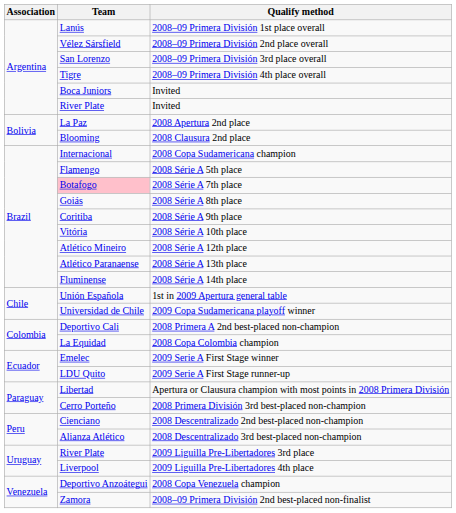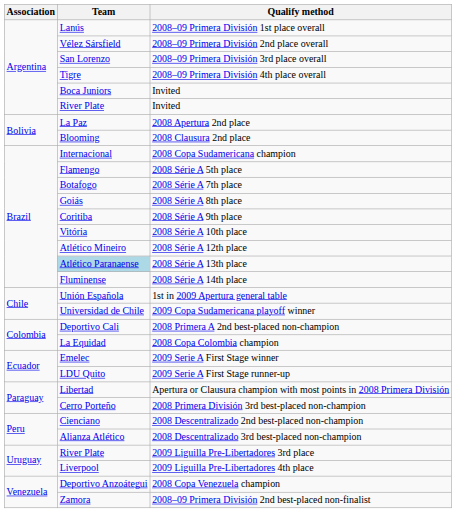 <table class="wikitable">
 <tr>
 <th>Association</th>
 <th>Team</th>
 <th>Qualify method</th>
 </tr>
 <tr>
 <td rowspan="6"> <a href='#'>Argentina</a><br></td>
 <td><a href='#'>Lanús</a></td>
 <td><a href='#'>2008–09 Primera División</a> 1st place overall</td>
 </tr>
 <tr>
 <td><a href='#'>Vélez Sársfield</a></td>
 <td><a href='#'>2008–09 Primera División</a> 2nd place overall</td>
 </tr>
 <tr>
 <td><a href='#'>San Lorenzo</a></td>
 <td><a href='#'>2008–09 Primera División</a> 3rd place overall</td>
 </tr>
 <tr>
 <td><a href='#'>Tigre</a></td>
 <td><a href='#'>2008–09 Primera División</a> 4th place overall</td>
 </tr>
 <tr>
 <td><a href='#'>Boca Juniors</a></td>
 <td>Invited</td>
 </tr>
 <tr>
 <td><a href='#'>River Plate</a></td>
 <td>Invited</td>
 </tr>
 <tr>
 <td rowspan="2"> <a href='#'>Bolivia</a><br></td>
 <td><a href='#'>La Paz</a></td>
 <td><a href='#'>2008 Apertura</a> 2nd place</td>
 </tr>
 <tr>
 <td><a href='#'>Blooming</a></td>
 <td><a href='#'>2008 Clausura</a> 2nd place</td>
 </tr>
 <tr>
 <td rowspan="9"> <a href='#'>Brazil</a><br></td>
 <td><a href='#'>Internacional</a></td>
 <td><a href='#'>2008 Copa Sudamericana</a> champion</td>
 </tr>
 <tr>
 <td><a href='#'>Flamengo</a></td>
 <td><a href='#'>2008 Série A</a> 5th place</td>
 </tr>
 <tr>
-<td style="background: pink;"><a href='#'>Botafogo</a></td>
+<td><a href='#'>Botafogo</a></td>
 <td><a href='#'>2008 Série A</a> 7th place</td>
 </tr>
 <tr>
 <td><a href='#'>Goiás</a></td>
 <td><a href='#'>2008 Série A</a> 8th place</td>
 </tr>
 <tr>
 <td><a href='#'>Coritiba</a></td>
 <td><a href='#'>2008 Série A</a> 9th place</td>
 </tr>
 <tr>
 <td><a href='#'>Vitória</a></td>
 <td><a href='#'>2008 Série A</a> 10th place</td>
 </tr>
 <tr>
 <td><a href='#'>Atlético Mineiro</a></td>
 <td><a href='#'>2008 Série A</a> 12th place</td>
 </tr>
 <tr>
-<td><a href='#'>Atlético Paranaense</a></td>
+<td style="background: lightblue;"><a href='#'>Atlético Paranaense</a></td>
 <td><a href='#'>2008 Série A</a> 13th place</td>
 </tr>
 <tr>
 <td><a href='#'>Fluminense</a></td>
 <td><a href='#'>2008 Série A</a> 14th place</td>
 </tr>
 <tr>
 <td rowspan="2"> <a href='#'>Chile</a><br></td>
 <td><a href='#'>Unión Española</a></td>
 <td>1st in <a href='#'>2009 Apertura general table</a></td>
 </tr>
 <tr>
 <td><a href='#'>Universidad de Chile</a></td>
 <td><a href='#'>2009 Copa Sudamericana playoff</a> winner</td>
 </tr>
 <tr>
 <td rowspan="2"> <a href='#'>Colombia</a><br></td>
 <td><a href='#'>Deportivo Cali</a></td>
 <td><a href='#'>2008 Primera A</a> 2nd best-placed non-champion</td>
 </tr>
 <tr>
 <td><a href='#'>La Equidad</a></td>
 <td><a href='#'>2008 Copa Colombia</a> champion</td>
 </tr>
 <tr>
 <td rowspan="2"> <a href='#'>Ecuador</a><br></td>
 <td><a href='#'>Emelec</a></td>
 <td><a href='#'>2009 Serie A</a> First Stage winner</td>
 </tr>
 <tr>
 <td><a href='#'>LDU Quito</a></td>
 <td><a href='#'>2009 Serie A</a> First Stage runner-up</td>
 </tr>
 <tr>
 <td rowspan="2"> <a href='#'>Paraguay</a><br></td>
 <td><a href='#'>Libertad</a></td>
 <td>Apertura or Clausura champion with most points in <a href='#'>2008 Primera División</a></td>
 </tr>
 <tr>
 <td><a href='#'>Cerro Porteño</a></td>
 <td><a href='#'>2008 Primera División</a> 3rd best-placed non-champion</td>
 </tr>
 <tr>
 <td rowspan="2"> <a href='#'>Peru</a><br></td>
 <td><a href='#'>Cienciano</a></td>
 <td><a href='#'>2008 Descentralizado</a> 2nd best-placed non-champion</td>
 </tr>
 <tr>
 <td><a href='#'>Alianza Atlético</a></td>
 <td><a href='#'>2008 Descentralizado</a> 3rd best-placed non-champion</td>
 </tr>
 <tr>
 <td rowspan="2"> <a href='#'>Uruguay</a><br></td>
 <td><a href='#'>River Plate</a></td>
 <td><a href='#'>2009 Liguilla Pre-Libertadores</a> 3rd place</td>
 </tr>
 <tr>
 <td><a href='#'>Liverpool</a></td>
 <td><a href='#'>2009 Liguilla Pre-Libertadores</a> 4th place</td>
 </tr>
 <tr>
 <td rowspan="2"> <a href='#'>Venezuela</a><br></td>
 <td><a href='#'>Deportivo Anzoátegui</a></td>
 <td><a href='#'>2008 Copa Venezuela</a> champion</td>
 </tr>
 <tr>
 <td><a href='#'>Zamora</a></td>
 <td><a href='#'>2008–09 Primera División</a> 2nd best-placed non-finalist</td>
 </tr>
 </table>
